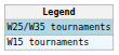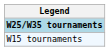 <table class="wikitable" style="font-size:85%">
 <tr>
 <th>Legend</th>
 </tr>
 <tr style="background:lightblue;">
-<td>W25/W35 tournaments</td>
+<td><strong>W25/W35 tournaments</strong></td>
 </tr>
 <tr style="background:#f0f8ff;">
 <td>W15 tournaments</td>
 </tr>
 </table>
